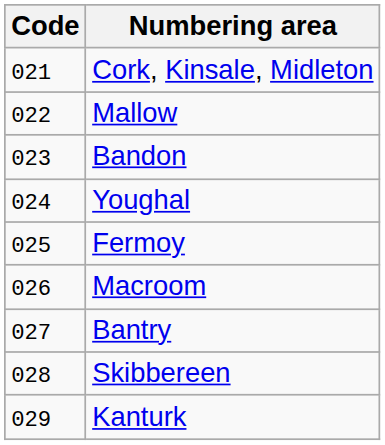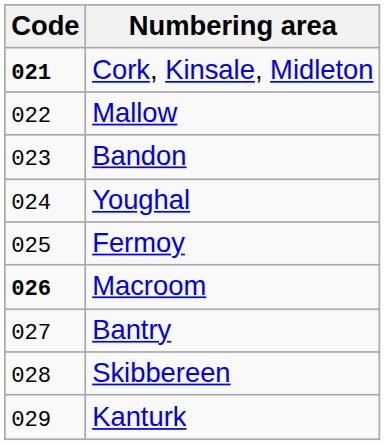 <table class="wikitable">
 <tr>
 <th>Code</th>
 <th>Numbering area</th>
 </tr>
 <tr>
-<td><code>021</code></td>
+<td><strong><code>021</code></strong></td>
 <td><a href='#'>Cork</a>, <a href='#'>Kinsale</a>, <a href='#'>Midleton</a></td>
 </tr>
 <tr>
 <td><code>022</code></td>
 <td><a href='#'>Mallow</a></td>
 </tr>
 <tr>
 <td><code>023</code></td>
 <td><a href='#'>Bandon</a></td>
 </tr>
 <tr>
 <td><code>024</code></td>
 <td><a href='#'>Youghal</a></td>
 </tr>
 <tr>
 <td><code>025</code></td>
 <td><a href='#'>Fermoy</a></td>
 </tr>
 <tr>
-<td><code>026</code></td>
+<td><strong><code>026</code></strong></td>
 <td><a href='#'>Macroom</a></td>
 </tr>
 <tr>
 <td><code>027</code></td>
 <td><a href='#'>Bantry</a></td>
 </tr>
 <tr>
 <td><code>028</code></td>
 <td><a href='#'>Skibbereen</a></td>
 </tr>
 <tr>
 <td><code>029</code></td>
 <td><a href='#'>Kanturk</a></td>
 </tr>
 </table>
